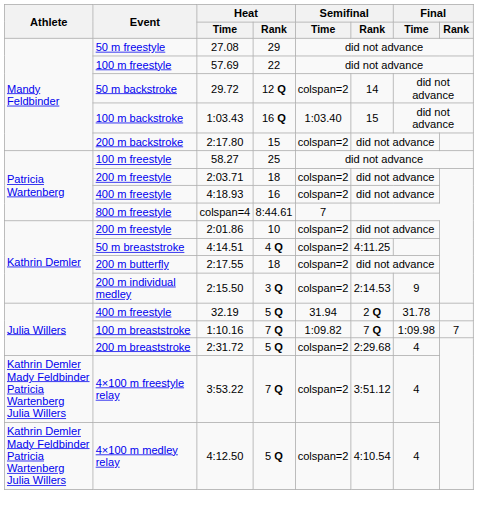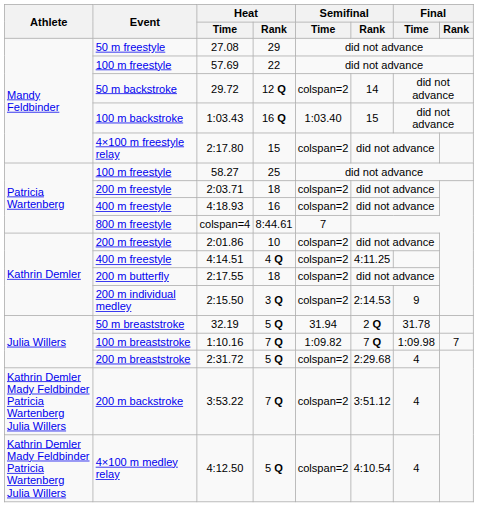 <table class=wikitable style="font-size:90%">
 <tr>
 <th rowspan=2>Athlete</th>
 <th rowspan=2>Event</th>
 <th colspan="2">Heat</th>
 <th colspan="2">Semifinal</th>
 <th colspan="2">Final</th>
 </tr>
 <tr style="font-size:95%">
 <th>Time</th>
 <th>Rank</th>
 <th>Time</th>
 <th>Rank</th>
 <th>Time</th>
 <th>Rank</th>
 </tr>
 <tr align=center>
 <td align=left rowspan=5><a href='#'>Mandy Feldbinder</a></td>
 <td align=left><a href='#'>50 m freestyle</a></td>
 <td>27.08</td>
 <td>29</td>
 <td colspan=4>did not advance</td>
 </tr>
 <tr align=center>
 <td align=left><a href='#'>100 m freestyle</a></td>
 <td>57.69</td>
 <td>22</td>
 <td colspan=4>did not advance</td>
 </tr>
 <tr align=center>
 <td align=left><a href='#'>50 m backstroke</a></td>
 <td>29.72</td>
 <td>12 <strong>Q</strong></td>
 <td>colspan=2 </td>
 <td>14</td>
 <td colspan=2>did not advance</td>
 </tr>
 <tr align=center>
 <td align=left><a href='#'>100 m backstroke</a></td>
 <td>1:03.43</td>
 <td>16 <strong>Q</strong></td>
 <td>1:03.40</td>
 <td>15</td>
 <td colspan=2>did not advance</td>
 </tr>
 <tr align=center>
-<td align=left><a href='#'>200 m backstroke</a></td>
+<td align=left><a href='#'>4×100 m freestyle relay</a></td>
 <td>2:17.80</td>
 <td>15</td>
 <td>colspan=2 </td>
 <td colspan=2>did not advance</td>
 </tr>
 <tr align=center>
 <td align=left rowspan=4><a href='#'>Patricia Wartenberg</a></td>
 <td align=left><a href='#'>100 m freestyle</a></td>
 <td>58.27</td>
 <td>25</td>
 <td colspan=4>did not advance</td>
 </tr>
 <tr align=center>
 <td align=left><a href='#'>200 m freestyle</a></td>
 <td>2:03.71</td>
 <td>18</td>
 <td>colspan=2 </td>
 <td colspan=2>did not advance</td>
 </tr>
 <tr align=center>
 <td align=left><a href='#'>400 m freestyle</a></td>
 <td>4:18.93</td>
 <td>16</td>
 <td>colspan=2 </td>
 <td colspan=2>did not advance</td>
 </tr>
 <tr align=center>
 <td align=left><a href='#'>800 m freestyle</a></td>
 <td>colspan=4 </td>
 <td>8:44.61</td>
 <td>7</td>
 </tr>
 <tr align=center>
 <td align=left rowspan=4><a href='#'>Kathrin Demler</a></td>
 <td align=left><a href='#'>200 m freestyle</a></td>
 <td>2:01.86</td>
 <td>10</td>
 <td>colspan=2 </td>
 <td colspan=2>did not advance</td>
 </tr>
 <tr align=center>
-<td align=left><a href='#'>50 m breaststroke</a></td>
+<td align=left><a href='#'>400 m freestyle</a></td>
 <td>4:14.51</td>
 <td>4 <strong>Q</strong></td>
 <td>colspan=2 </td>
 <td>4:11.25</td>
 <td></td>
 </tr>
 <tr align=center>
 <td align=left><a href='#'>200 m butterfly</a></td>
 <td>2:17.55</td>
 <td>18</td>
 <td>colspan=2 </td>
 <td colspan=2>did not advance</td>
 </tr>
 <tr align=center>
 <td align=left><a href='#'>200 m individual medley</a></td>
 <td>2:15.50</td>
 <td>3 <strong>Q</strong></td>
 <td>colspan=2 </td>
 <td>2:14.53</td>
 <td>9</td>
 </tr>
 <tr align=center>
 <td align=left rowspan=3><a href='#'>Julia Willers</a></td>
-<td align=left><a href='#'>400 m freestyle</a></td>
+<td align=left><a href='#'>50 m breaststroke</a></td>
 <td>32.19</td>
 <td>5 <strong>Q</strong></td>
 <td>31.94</td>
 <td>2 <strong>Q</strong></td>
 <td>31.78</td>
 <td></td>
 </tr>
 <tr align=center>
 <td align=left><a href='#'>100 m breaststroke</a></td>
 <td>1:10.16</td>
 <td>7 <strong>Q</strong></td>
 <td>1:09.82</td>
 <td>7 <strong>Q</strong></td>
 <td>1:09.98</td>
 <td>7</td>
 </tr>
 <tr align=center>
 <td align=left><a href='#'>200 m breaststroke</a></td>
 <td>2:31.72</td>
 <td>5 <strong>Q</strong></td>
 <td>colspan=2 </td>
 <td>2:29.68</td>
 <td>4</td>
 </tr>
 <tr align=center>
 <td align=left><a href='#'>Kathrin Demler</a><br><a href='#'>Mady Feldbinder</a><br><a href='#'>Patricia Wartenberg</a><br><a href='#'>Julia Willers</a></td>
-<td align=left><a href='#'>4×100 m freestyle relay</a></td>
+<td align=left><a href='#'>200 m backstroke</a></td>
 <td>3:53.22</td>
 <td>7 <strong>Q</strong></td>
 <td>colspan=2 </td>
 <td>3:51.12</td>
 <td>4</td>
 </tr>
 <tr align=center>
 <td align=left><a href='#'>Kathrin Demler</a><br><a href='#'>Mady Feldbinder</a><br><a href='#'>Patricia Wartenberg</a><br><a href='#'>Julia Willers</a></td>
 <td align=left><a href='#'>4×100 m medley relay</a></td>
 <td>4:12.50</td>
 <td>5 <strong>Q</strong></td>
 <td>colspan=2 </td>
 <td>4:10.54</td>
 <td>4</td>
 </tr>
 </table>
